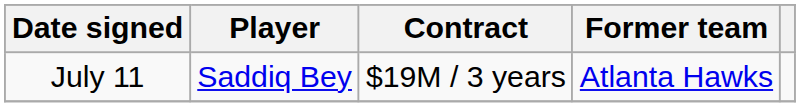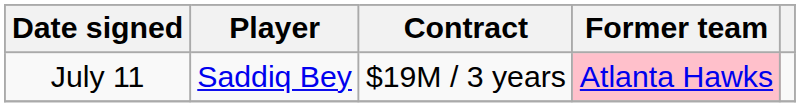 <table class="wikitable sortable sortable" style="text-align: center">
 <tr>
 <th>Date signed</th>
 <th>Player</th>
 <th>Contract</th>
 <th>Former team</th>
 <th></th>
 </tr>
 <tr>
 <td>July 11</td>
 <td><a href='#'>Saddiq Bey</a></td>
 <td>$19M / 3 years</td>
-<td><a href='#'>Atlanta Hawks</a></td>
+<td style="background: pink;"><a href='#'>Atlanta Hawks</a></td>
 <td></td>
 </tr>
 <tr>
 </tr>
 </table>
